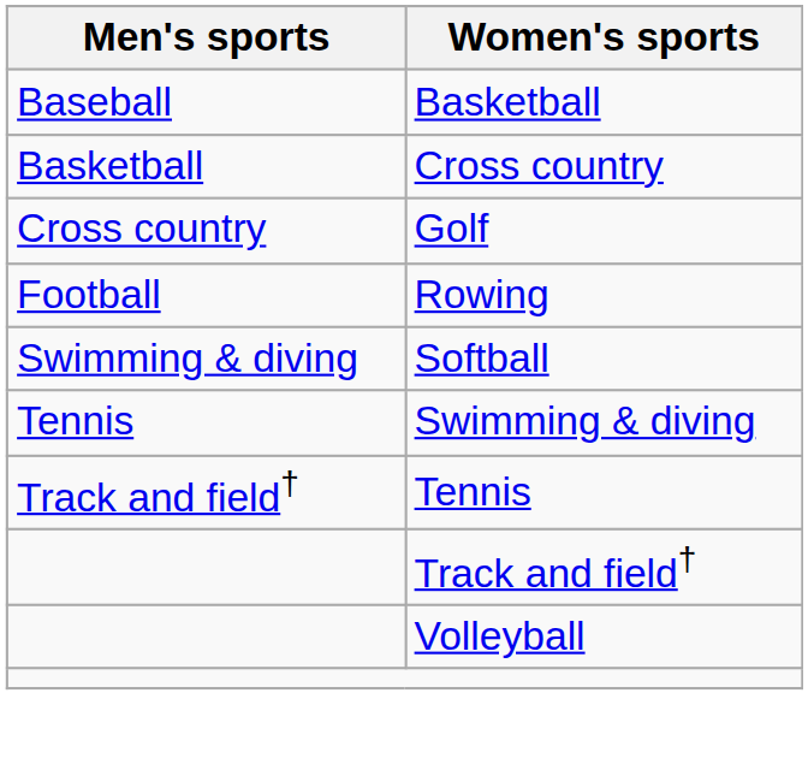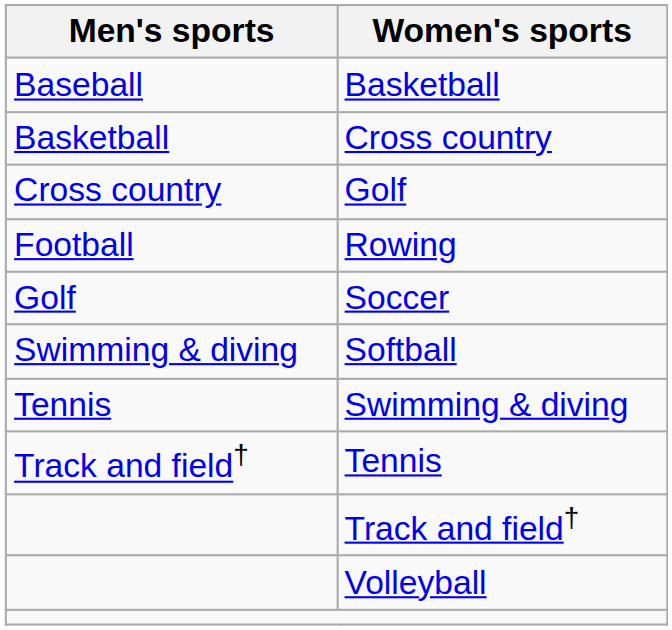 <table class="wikitable" style="float:right; clear:right; margin:0 0 1em 1em;">
 <tr>
 <th width=150px>Men's sports</th>
 <th width=150px>Women's sports</th>
 </tr>
 <tr>
 <td><a href='#'>Baseball</a></td>
 <td><a href='#'>Basketball</a></td>
 </tr>
 <tr>
 <td><a href='#'>Basketball</a></td>
 <td><a href='#'>Cross country</a></td>
 </tr>
 <tr>
 <td><a href='#'>Cross country</a></td>
 <td><a href='#'>Golf</a></td>
 </tr>
 <tr>
 <td><a href='#'>Football</a></td>
 <td><a href='#'>Rowing</a></td>
+</tr>
+<tr>
+<td><a href='#'>Golf</a></td>
+<td><a href='#'>Soccer</a></td>
 </tr>
 <tr>
 <td><a href='#'>Swimming & diving</a></td>
 <td><a href='#'>Softball</a></td>
 </tr>
 <tr>
 <td><a href='#'>Tennis</a></td>
 <td><a href='#'>Swimming & diving</a></td>
 </tr>
 <tr>
 <td><a href='#'>Track and field</a><sup>†</sup></td>
 <td><a href='#'>Tennis</a></td>
 </tr>
 <tr>
 <td></td>
 <td><a href='#'>Track and field</a><sup>†</sup></td>
 </tr>
 <tr>
 <td></td>
 <td><a href='#'>Volleyball</a></td>
 </tr>
 <tr>
 <td colspan="2"></td>
 </tr>
 </table>
